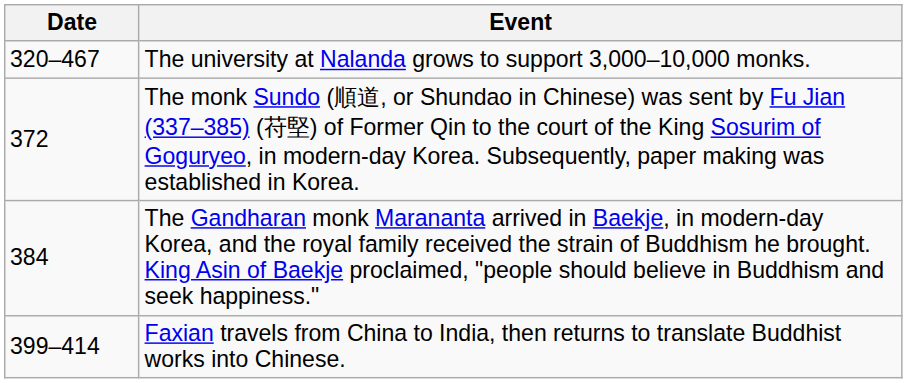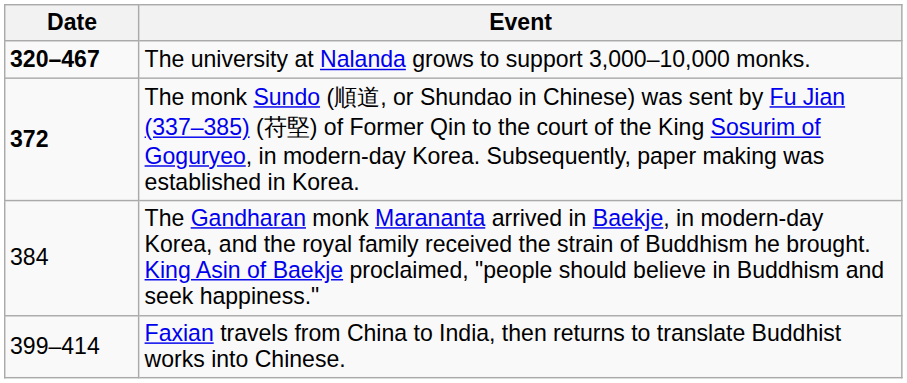 <table class="wikitable" width="100%">
 <tr>
 <th style="width:15%">Date</th>
 <th>Event</th>
 </tr>
 <tr>
-<td>320–467</td>
+<td><strong>320–467</strong></td>
 <td>The university at <a href='#'>Nalanda</a> grows to support 3,000–10,000 monks.</td>
 </tr>
 <tr>
-<td>372</td>
+<td><strong>372</strong></td>
 <td>The monk <a href='#'>Sundo</a> (順道, or Shundao in Chinese) was sent by <a href='#'>Fu Jian (337–385)</a> (苻堅) of Former Qin to the court of the King <a href='#'>Sosurim of Goguryeo</a>, in modern-day Korea. Subsequently, paper making was established in Korea.</td>
 </tr>
 <tr>
 <td>384</td>
 <td>The <a href='#'>Gandharan</a> monk <a href='#'>Marananta</a> arrived in <a href='#'>Baekje</a>, in modern-day Korea, and the royal family received the strain of Buddhism he brought. <a href='#'>King Asin of Baekje</a> proclaimed, "people should believe in Buddhism and seek happiness."</td>
 </tr>
 <tr>
 <td>399–414</td>
 <td><a href='#'>Faxian</a> travels from China to India, then returns to translate Buddhist works into Chinese.</td>
 </tr>
 </table>
